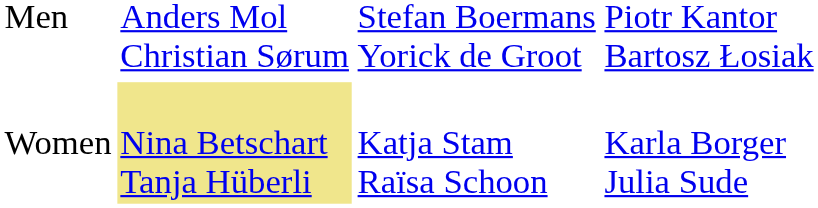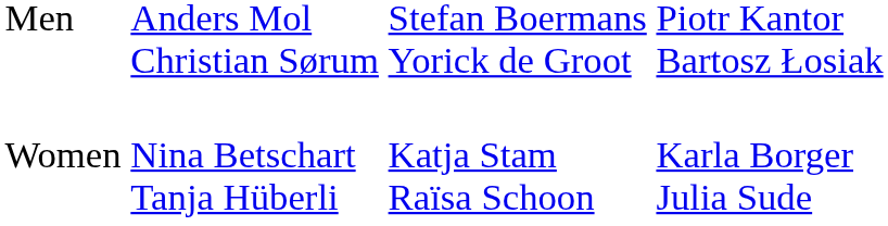 <table>
 <tr>
 <td>Men<br></td>
 <td><br><a href='#'>Anders Mol</a><br><a href='#'>Christian Sørum</a></td>
 <td><br><a href='#'>Stefan Boermans</a><br><a href='#'>Yorick de Groot</a></td>
 <td><br><a href='#'>Piotr Kantor</a><br><a href='#'>Bartosz Łosiak</a></td>
 </tr>
 <tr>
 <td>Women<br></td>
-<td style="background: khaki;"><br><a href='#'>Nina Betschart</a><br><a href='#'>Tanja Hüberli</a></td>
+<td><br><a href='#'>Nina Betschart</a><br><a href='#'>Tanja Hüberli</a></td>
 <td><br><a href='#'>Katja Stam</a><br><a href='#'>Raïsa Schoon</a></td>
 <td><br><a href='#'>Karla Borger</a><br><a href='#'>Julia Sude</a></td>
 </tr>
 </table>
